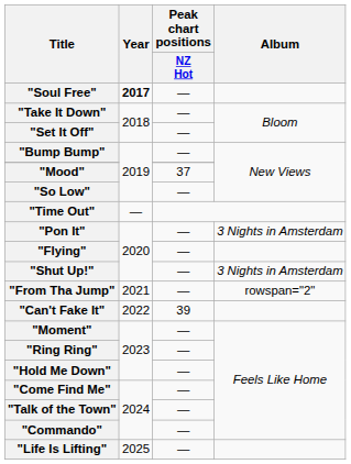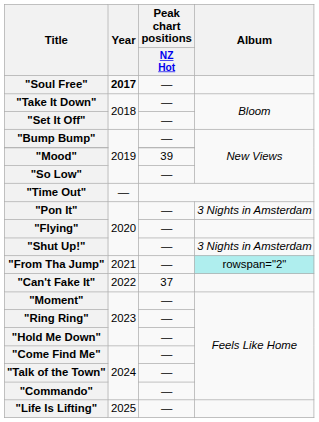 <table class="wikitable plainrowheaders" style="text-align:center;">
 <tr>
 <th scope="col" rowspan="2">Title</th>
 <th scope="col" rowspan="2">Year</th>
 <th scope="col" colspan="1">Peak chart positions</th>
 <th scope="col" rowspan="2">Album</th>
 </tr>
 <tr>
 <th scope="col" style="width:3em;font-size:90%;"><a href='#'>NZ<br>Hot</a><br></th>
 </tr>
 <tr>
 <th scope="row">"Soul Free"</th>
 <td><strong>2017</strong></td>
 <td>—</td>
 <td></td>
 </tr>
 <tr>
 <th scope="row">"Take It Down"<br></th>
 <td rowspan="2">2018</td>
 <td>—</td>
 <td rowspan="2"><em>Bloom</em></td>
 </tr>
 <tr>
 <th scope="row">"Set It Off"</th>
 <td>—</td>
 </tr>
 <tr>
 <th scope="row">"Bump Bump"<br></th>
 <td rowspan="4">2019</td>
 <td>—</td>
 <td rowspan="4"><em>New Views</em></td>
 </tr>
 <tr>
 </tr>
 <tr>
 <th scope="row">"Mood"</th>
-<td>37</td>
+<td>39</td>
 </tr>
 <tr>
 <th scope="row">"So Low"<br></th>
 <td>—</td>
 </tr>
 <tr>
 <th scope="row">"Time Out"<br></th>
 <td>—</td>
 </tr>
 <tr>
 <th scope="row">"Pon It"</th>
 <td rowspan="3">2020</td>
 <td>—</td>
 <td><em>3 Nights in Amsterdam</em></td>
 </tr>
 <tr>
 <th scope="row">"Flying"<br></th>
 <td>—</td>
 <td></td>
 </tr>
 <tr>
 <th scope="row">"Shut Up!"</th>
 <td>—</td>
 <td><em>3 Nights in Amsterdam</em></td>
 </tr>
 <tr>
 <th scope="row">"From Tha Jump"</th>
 <td>2021</td>
 <td>—</td>
-<td>rowspan="2" </td>
+<td style="background: paleturquoise;">rowspan="2" </td>
 </tr>
 <tr>
 <th scope="row">"Can't Fake It"</th>
 <td>2022</td>
-<td>39</td>
+<td>37</td>
 </tr>
 <tr>
 <th scope="row">"Moment"<br></th>
 <td rowspan="3">2023</td>
 <td>—</td>
 <td rowspan="6"><em>Feels Like Home</em></td>
 </tr>
 <tr>
 <th scope="row">"Ring Ring"<br></th>
 <td>—</td>
 </tr>
 <tr>
 <th scope="row">"Hold Me Down"</th>
 <td>—</td>
 </tr>
 <tr>
 <th scope="row">"Come Find Me"</th>
 <td rowspan="3">2024</td>
 <td>—</td>
 </tr>
 <tr>
 <th scope="row">"Talk of the Town"</th>
 <td>—</td>
 </tr>
 <tr>
 <th scope="row">"Commando"</th>
 <td>—</td>
 </tr>
 <tr>
 <th scope="row">"Life Is Lifting"</th>
 <td>2025</td>
 <td>—</td>
 <td></td>
 </tr>
 </table>
